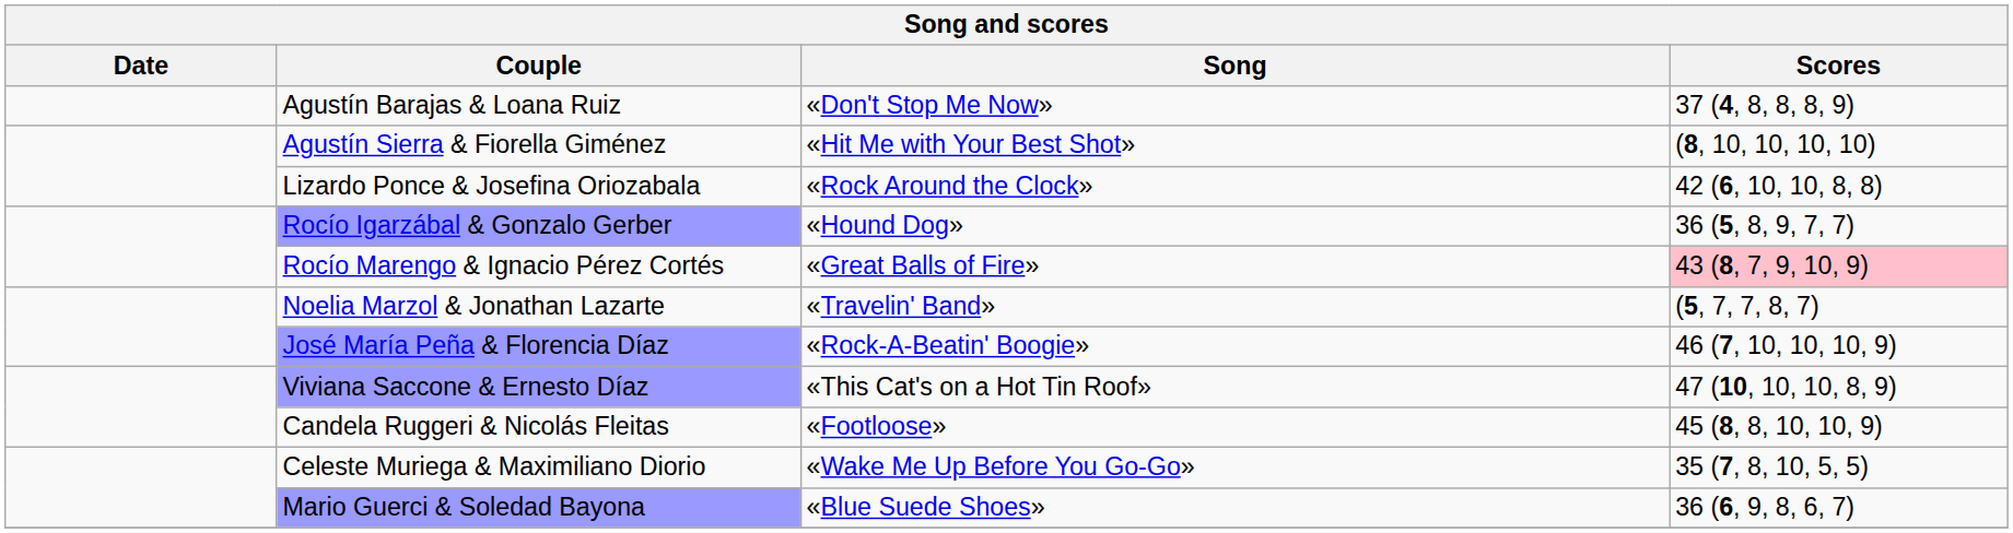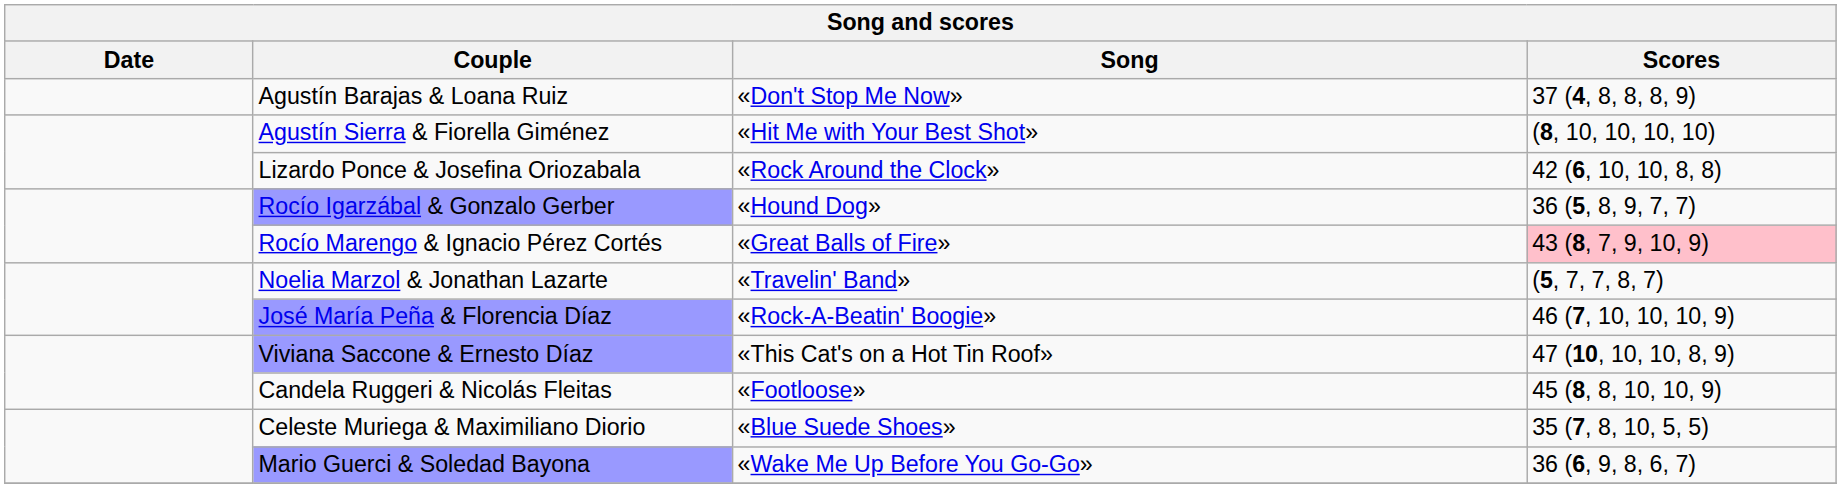 <table class="wikitable collapsible collapsed" style="text-align: align; width: 100%;">
 <tr>
 <th colspan="11" style="with: 100%;" align="center">Song and scores</th>
 </tr>
 <tr>
 <th width=95>Date</th>
 <th width=190>Couple</th>
 <th width=320>Song</th>
 <th width=120>Scores</th>
 </tr>
 <tr>
 <td></td>
 <td>Agustín Barajas & Loana Ruiz</td>
 <td>«<a href='#'>Don't Stop Me Now</a>» </td>
 <td>37 (<strong>4</strong>, 8, 8, 8, 9)</td>
 </tr>
 <tr>
 <td rowspan="2"></td>
 <td><a href='#'>Agustín Sierra</a> & Fiorella Giménez</td>
 <td>«<a href='#'>Hit Me with Your Best Shot</a>» </td>
 <td> (<strong>8</strong>, 10, 10, 10, 10)</td>
 </tr>
 <tr>
 <td>Lizardo Ponce & Josefina Oriozabala</td>
 <td>«<a href='#'>Rock Around the Clock</a>» </td>
 <td>42 (<strong>6</strong>, 10, 10, 8, 8)</td>
 </tr>
 <tr>
 <td rowspan="2"></td>
 <td bgcolor="#9999FF"><a href='#'>Rocío Igarzábal</a> & Gonzalo Gerber</td>
 <td>«<a href='#'>Hound Dog</a>» </td>
 <td>36 (<strong>5</strong>, 8, 9, 7, 7)</td>
 </tr>
 <tr>
 <td><a href='#'>Rocío Marengo</a> & Ignacio Pérez Cortés</td>
 <td>«<a href='#'>Great Balls of Fire</a>» </td>
 <td style="background: pink;">43 (<strong>8</strong>, 7, 9, 10, 9)</td>
 </tr>
 <tr>
 <td rowspan="2"></td>
 <td><a href='#'>Noelia Marzol</a> & Jonathan Lazarte</td>
 <td>«<a href='#'>Travelin' Band</a>» </td>
 <td> (<strong>5</strong>, 7, 7, 8, 7)</td>
 </tr>
 <tr>
 <td bgcolor="#9999FF"><a href='#'>José María Peña</a> & Florencia Díaz</td>
 <td>«<a href='#'>Rock-A-Beatin' Boogie</a>» </td>
 <td>46 (<strong>7</strong>, 10, 10, 10, 9)</td>
 </tr>
 <tr>
 <td rowspan="2"></td>
 <td bgcolor="#9999FF">Viviana Saccone & Ernesto Díaz</td>
 <td>«This Cat's on a Hot Tin Roof» </td>
 <td>47 (<strong>10</strong>, 10, 10, 8, 9)</td>
 </tr>
 <tr>
 <td>Candela Ruggeri & Nicolás Fleitas</td>
 <td>«<a href='#'>Footloose</a>» </td>
 <td>45 (<strong>8</strong>, 8, 10, 10, 9)</td>
 </tr>
 <tr>
 <td rowspan="2"></td>
 <td>Celeste Muriega & Maximiliano Diorio</td>
-<td>«<a href='#'>Wake Me Up Before You Go-Go</a>» </td>
+<td>«<a href='#'>Blue Suede Shoes</a>» </td>
 <td>35 (<strong>7</strong>, 8, 10, 5, 5)</td>
 </tr>
 <tr>
 <td bgcolor="#9999FF">Mario Guerci & Soledad Bayona</td>
-<td>«<a href='#'>Blue Suede Shoes</a>» </td>
+<td>«<a href='#'>Wake Me Up Before You Go-Go</a>» </td>
 <td>36 (<strong>6</strong>, 9, 8, 6, 7)</td>
 </tr>
 <tr>
 </tr>
 </table>
